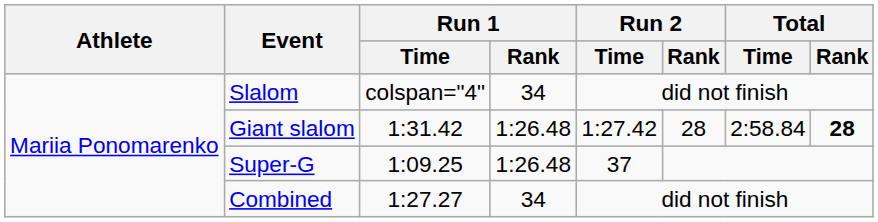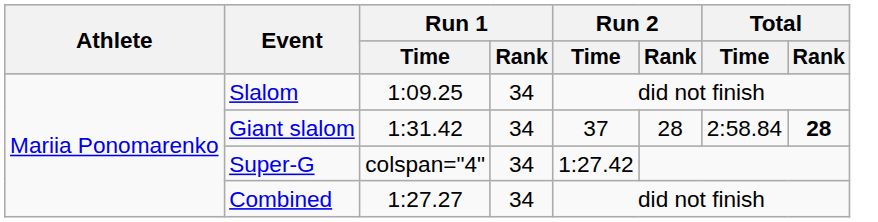 <table class="wikitable" style="font-size:90%">
 <tr>
 <th rowspan=2>Athlete</th>
 <th rowspan=2>Event</th>
 <th colspan=2>Run 1</th>
 <th colspan=2>Run 2</th>
 <th colspan=2>Total</th>
 </tr>
 <tr style="font-size:95%">
 <th>Time</th>
 <th>Rank</th>
 <th>Time</th>
 <th>Rank</th>
 <th>Time</th>
 <th>Rank</th>
 </tr>
 <tr align=center>
 <td align="left" rowspan="4"><a href='#'>Mariia Ponomarenko</a></td>
 <td align="left"><a href='#'>Slalom</a></td>
-<td>colspan="4" </td>
+<td>1:09.25</td>
 <td>34</td>
 <td colspan=4>did not finish</td>
 </tr>
 <tr align=center>
 <td align="left"><a href='#'>Giant slalom</a></td>
 <td>1:31.42</td>
-<td>1:26.48</td>
-<td>1:27.42</td>
+<td>34</td>
+<td>37</td>
 <td>28</td>
 <td>2:58.84</td>
 <td><strong>28</strong></td>
 </tr>
 <tr align=center>
 <td align="left"><a href='#'>Super-G</a></td>
-<td>1:09.25</td>
-<td>1:26.48</td>
-<td>37</td>
+<td>colspan="4" </td>
+<td>34</td>
+<td>1:27.42</td>
 </tr>
 <tr align=center>
 <td align="left"><a href='#'>Combined</a></td>
 <td>1:27.27</td>
 <td>34</td>
 <td colspan=4>did not finish</td>
 </tr>
 </table>
